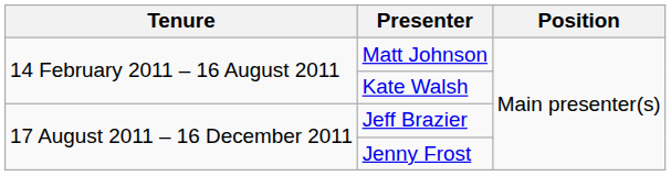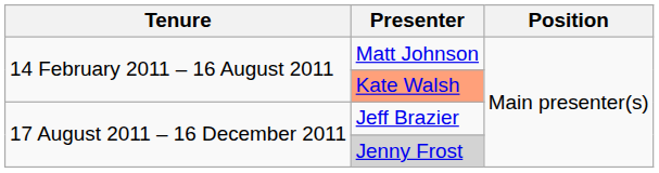 <table class="wikitable">
 <tr>
 <th>Tenure</th>
 <th>Presenter</th>
 <th>Position</th>
 </tr>
 <tr>
 <td rowspan=2>14 February 2011 – 16 August 2011</td>
 <td><a href='#'>Matt Johnson</a></td>
 <td rowspan=4>Main presenter(s)</td>
 </tr>
 <tr>
-<td><a href='#'>Kate Walsh</a></td>
+<td style="background: lightsalmon;"><a href='#'>Kate Walsh</a></td>
 </tr>
 <tr>
 <td rowspan=2>17 August 2011 – 16 December 2011</td>
 <td><a href='#'>Jeff Brazier</a></td>
 </tr>
 <tr>
-<td><a href='#'>Jenny Frost</a></td>
+<td style="background: lightgrey;"><a href='#'>Jenny Frost</a></td>
 </tr>
 </table>
